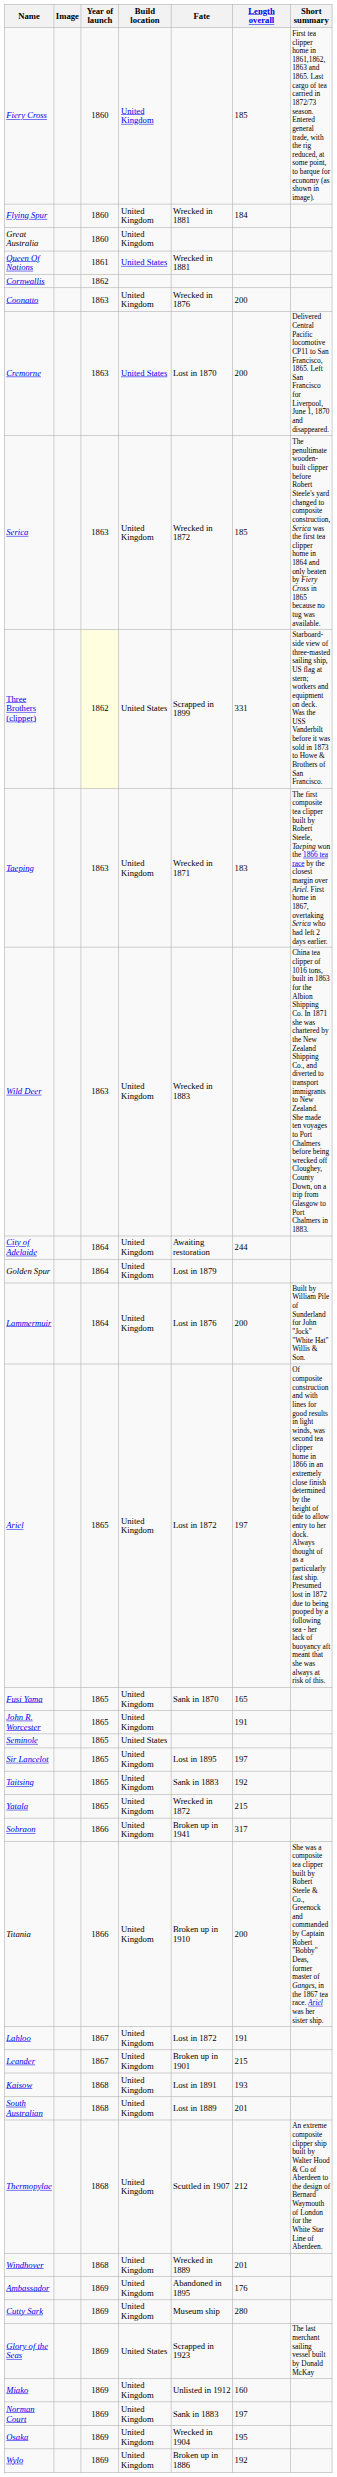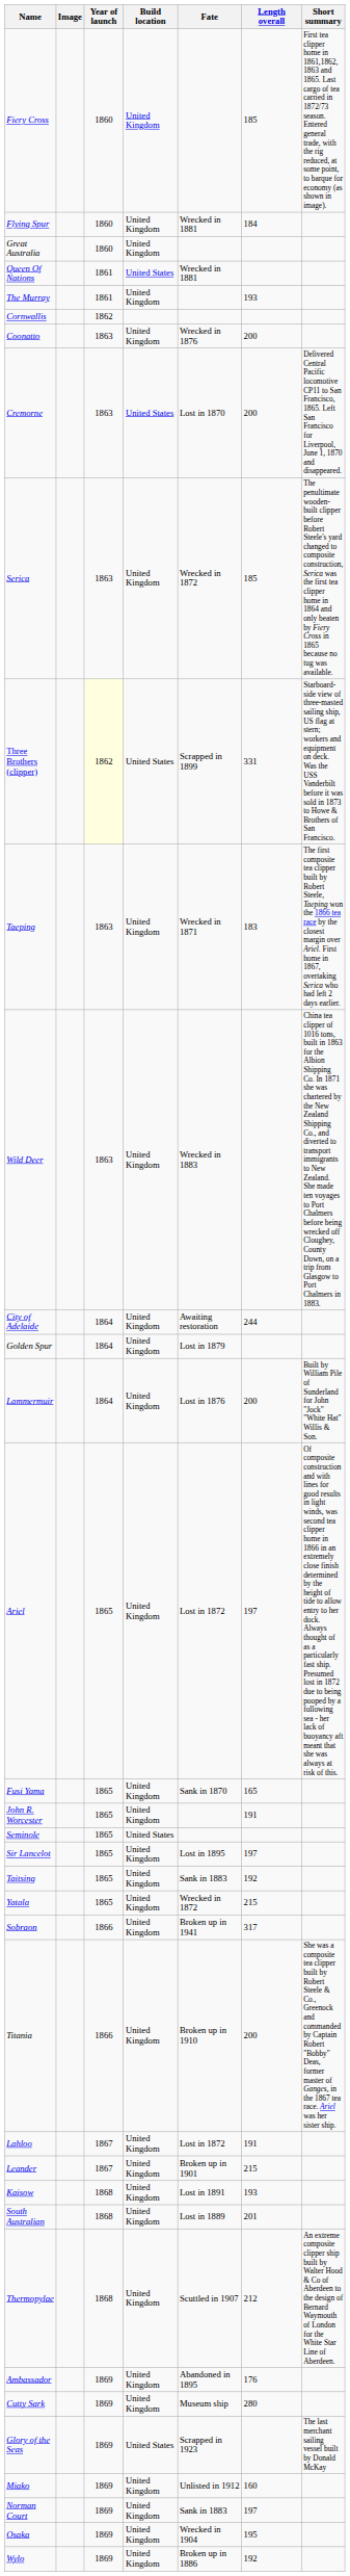 <table class="sortable wikitable">
 <tr>
 <th>Name</th>
 <th class="unsortable">Image</th>
 <th width=70pt>Year of launch</th>
 <th width=100pt>Build location</th>
 <th width=120pt>Fate</th>
 <th width=120pt><a href='#'>Length<br>overall</a> </th>
 <th class="unsortable">Short summary</th>
 </tr>
 <tr>
 <td><a href='#'><em>Fiery Cross</em></a></td>
 <td></td>
 <td align="center">1860</td>
 <td><a href='#'>United Kingdom</a><br></td>
 <td></td>
 <td><span>185</span> </td>
 <td style="font-size: 85%">First tea clipper home in 1861,1862, 1863 and 1865. Last cargo of tea carried in 1872/73 season. Entered general trade, with the rig reduced, at some point, to barque for economy (as shown in image).</td>
 </tr>
 <tr>
 <td><a href='#'><em>Flying Spur</em></a></td>
 <td></td>
 <td align="center">1860</td>
 <td>United Kingdom<br></td>
 <td>Wrecked in 1881</td>
 <td><span>184</span> </td>
 <td style="font-size: 85%"></td>
 </tr>
 <tr>
 <td><em>Great Australia</em></td>
 <td></td>
 <td align="center">1860</td>
 <td>United Kingdom<br></td>
 <td></td>
 <td></td>
 <td style="font-size: 85%"></td>
 </tr>
 <tr>
 <td><a href='#'><em>Queen Of Nations</em></a></td>
 <td></td>
 <td align="center">1861</td>
 <td><a href='#'>United States</a><br></td>
 <td>Wrecked in 1881</td>
 <td></td>
+<td style="font-size: 85%"></td>
+</tr>
+<tr>
+<td><a href='#'><em>The Murray</em></a></td>
+<td></td>
+<td align="center">1861</td>
+<td>United Kingdom<br></td>
+<td></td>
+<td><span>193</span> </td>
 <td style="font-size: 85%"></td>
 </tr>
 <tr>
 <td><a href='#'><em>Cornwallis</em></a></td>
 <td></td>
 <td align="center">1862</td>
 <td></td>
 <td></td>
 <td></td>
 <td style="font-size: 85%"></td>
 </tr>
 <tr>
 <td><a href='#'><em>Coonatto</em></a></td>
 <td></td>
 <td align="center">1863</td>
 <td>United Kingdom<br></td>
 <td>Wrecked in 1876</td>
 <td><span>200</span> </td>
 <td style="font-size: 85%"></td>
 </tr>
 <tr>
 <td><a href='#'><em>Cremorne</em></a></td>
 <td></td>
 <td align="center">1863</td>
 <td><a href='#'>United States</a><br></td>
 <td>Lost in 1870</td>
 <td><span>200</span> </td>
 <td style="font-size: 85%">Delivered Central Pacific locomotive CP11 to San Francisco, 1865. Left San Francisco for Liverpool, June 1, 1870 and disappeared.</td>
 </tr>
 <tr>
 <td><a href='#'><em>Serica</em></a></td>
 <td></td>
 <td align="center">1863</td>
 <td>United Kingdom<br></td>
 <td>Wrecked in 1872</td>
 <td><span>185</span> </td>
 <td style="font-size: 85%">The penultimate wooden-built clipper before Robert Steele's yard changed to composite construction, <em>Serica</em> was the first tea clipper home in 1864 and only beaten by <em>Fiery Cross</em> in 1865 because no tug was available.</td>
 </tr>
 <tr>
 <td><a href='#'>Three Brothers (clipper)</a></td>
 <td></td>
 <td align="center" style="background: lightyellow;">1862</td>
 <td>United States<br></td>
 <td>Scrapped in 1899</td>
 <td><span>331</span> </td>
 <td style="font-size: 85%">Starboard-side view of three-masted sailing ship, US flag at stern; workers and equipment on deck. Was the USS Vanderbilt before it was sold in 1873 to Howe & Brothers of San Francisco.</td>
 </tr>
 <tr>
 <td><em><a href='#'>Taeping</a></em></td>
 <td></td>
 <td align="center">1863</td>
 <td>United Kingdom<br></td>
 <td>Wrecked in 1871</td>
 <td><span>183</span> </td>
 <td style="font-size: 85%">The first composite tea clipper built by Robert Steele, <em>Taeping</em> won the <a href='#'>1866 tea race</a> by the closest margin over <em>Ariel</em>. First home in 1867, overtaking <em>Serica</em> who had left 2 days earlier.</td>
 </tr>
 <tr>
 <td><a href='#'><em>Wild Deer</em></a></td>
 <td></td>
 <td align="center">1863</td>
 <td>United Kingdom<br></td>
 <td>Wrecked in 1883</td>
 <td></td>
 <td style="font-size: 85%">China tea clipper of 1016 tons, built in 1863 for the Albion Shipping Co. In 1871 she was chartered by the New Zealand Shipping Co., and diverted to transport immigrants to New Zealand. She made ten voyages to Port Chalmers before being wrecked off Cloughey, County Down, on a trip from Glasgow to Port Chalmers in 1883.</td>
 </tr>
 <tr>
 <td><a href='#'><em>City of Adelaide</em></a></td>
 <td></td>
 <td align="center">1864</td>
 <td>United Kingdom<br></td>
 <td>Awaiting restoration</td>
 <td><span>244</span> </td>
 <td style="font-size: 85%"></td>
 </tr>
 <tr>
 <td><em>Golden Spur</em></td>
 <td></td>
 <td align="center">1864</td>
 <td>United Kingdom<br></td>
 <td>Lost in 1879</td>
 <td></td>
 <td style="font-size: 85%"></td>
 </tr>
 <tr>
 <td><a href='#'><em>Lammermuir</em></a></td>
 <td></td>
 <td align="center">1864</td>
 <td>United Kingdom<br></td>
 <td>Lost in 1876</td>
 <td><span>200</span> </td>
 <td style="font-size: 85%">Built by William Pile of Sunderland for John "Jock" "White Hat" Willis & Son.</td>
 </tr>
 <tr>
 <td><a href='#'><em>Ariel</em></a></td>
 <td></td>
 <td align="center">1865</td>
 <td>United Kingdom<br></td>
 <td>Lost in 1872</td>
 <td><span>197</span> </td>
 <td style="font-size: 85%">Of composite construction and with lines for good results in light winds, was second tea clipper home in 1866 in an extremely close finish determined by the height of tide to allow entry to her dock. Always thought of as a particularly fast ship. Presumed lost in 1872 due to being pooped by a following sea - her lack of buoyancy aft meant that she was always at risk of this.</td>
 </tr>
 <tr>
 <td><em><a href='#'>Fusi Yama</a></em></td>
 <td></td>
 <td align="center">1865</td>
 <td>United Kingdom<br></td>
 <td>Sank in 1870</td>
 <td><span>165</span> </td>
 <td style="font-size: 85%"></td>
 </tr>
 <tr>
 <td><em><a href='#'>John R. Worcester</a></em></td>
 <td></td>
 <td align="center">1865</td>
 <td>United Kingdom<br></td>
 <td></td>
 <td><span>191</span> </td>
 <td style="font-size: 85%"></td>
 </tr>
 <tr>
 <td><a href='#'><em>Seminole</em></a></td>
 <td></td>
 <td align="center">1865</td>
 <td>United States<br></td>
 <td></td>
 <td></td>
 <td style="font-size: 85%"></td>
 </tr>
 <tr>
 <td><a href='#'><em>Sir Lancelot</em></a></td>
 <td></td>
 <td align="center">1865</td>
 <td>United Kingdom<br></td>
 <td>Lost in 1895</td>
 <td><span>197</span> </td>
 <td style="font-size: 85%"></td>
 </tr>
 <tr>
 <td><a href='#'><em>Taitsing</em></a></td>
 <td></td>
 <td align="center">1865</td>
 <td>United Kingdom<br></td>
 <td>Sank in 1883</td>
 <td><span>192</span> </td>
 <td style="font-size: 85%"></td>
 </tr>
 <tr>
 <td><a href='#'><em>Yatala</em></a></td>
 <td></td>
 <td align="center">1865</td>
 <td>United Kingdom<br></td>
 <td>Wrecked in 1872</td>
 <td><span>215</span> </td>
 <td style="font-size: 85%"></td>
 </tr>
 <tr>
 <td><a href='#'><em>Sobraon</em></a></td>
 <td></td>
 <td align="center">1866</td>
 <td>United Kingdom<br></td>
 <td>Broken up in 1941</td>
 <td><span>317</span> </td>
 <td style="font-size: 85%"></td>
 </tr>
 <tr>
 <td><em>Titania</em></td>
 <td></td>
 <td align="center">1866</td>
 <td>United Kingdom<br></td>
 <td>Broken up in 1910</td>
 <td><span>200</span> </td>
 <td style="font-size: 85%">She was a composite tea clipper built by Robert Steele & Co., Greenock and commanded by Captain Robert "Bobby" Deas, former master of <em>Ganges</em>, in the 1867 tea race. <a href='#'><em>Ariel</em></a> was her sister ship.</td>
 </tr>
 <tr>
 <td><a href='#'><em>Lahloo</em></a></td>
 <td></td>
 <td align="center">1867</td>
 <td>United Kingdom<br></td>
 <td>Lost in 1872</td>
 <td><span>191</span> </td>
 <td style="font-size: 85%"></td>
 </tr>
 <tr>
 <td><a href='#'><em>Leander</em></a></td>
 <td></td>
 <td align="center">1867</td>
 <td>United Kingdom<br></td>
 <td>Broken up in 1901</td>
 <td><span>215</span> </td>
 <td style="font-size: 85%"></td>
 </tr>
 <tr>
 <td><a href='#'><em>Kaisow</em></a></td>
 <td></td>
 <td align="center">1868</td>
 <td>United Kingdom<br></td>
 <td>Lost in 1891</td>
 <td><span>193</span> </td>
 <td style="font-size: 85%"></td>
 </tr>
 <tr>
 <td><a href='#'><em>South Australian</em></a></td>
 <td></td>
 <td align="center">1868</td>
 <td>United Kingdom<br></td>
 <td>Lost in 1889</td>
 <td><span>201</span> </td>
 <td style="font-size: 85%"></td>
 </tr>
 <tr>
 <td><a href='#'><em>Thermopylae</em></a></td>
 <td></td>
 <td align="center">1868</td>
 <td>United Kingdom<br></td>
 <td>Scuttled in 1907</td>
 <td><span>212</span> </td>
 <td style="font-size: 85%">An extreme composite clipper ship built by Walter Hood & Co of Aberdeen to the design of Bernard Waymouth of London for the White Star Line of Aberdeen.</td>
 </tr>
 <tr>
-<td><a href='#'><em>Windhover</em></a></td>
-<td></td>
-<td align="center">1868</td>
-<td>United Kingdom<br></td>
-<td>Wrecked in 1889</td>
-<td><span>201</span> </td>
-<td style="font-size: 85%"></td>
-</tr>
-<tr>
 <td><a href='#'><em>Ambassador</em></a></td>
 <td></td>
 <td align="center">1869</td>
 <td>United Kingdom<br></td>
 <td>Abandoned in 1895</td>
 <td><span>176</span> </td>
 <td style="font-size: 85%"></td>
 </tr>
 <tr>
 <td><em><a href='#'>Cutty Sark</a></em></td>
 <td></td>
 <td align="center">1869</td>
 <td>United Kingdom<br></td>
 <td>Museum ship<br></td>
 <td><span>280</span> </td>
 <td style="font-size: 85%"></td>
 </tr>
 <tr>
 <td><a href='#'><em>Glory of the Seas</em></a></td>
 <td></td>
 <td align="center">1869</td>
 <td>United States<br></td>
 <td>Scrapped in 1923</td>
 <td></td>
 <td style="font-size: 85%">The last merchant sailing vessel built by Donald McKay</td>
 </tr>
 <tr>
 <td><a href='#'><em>Miako</em></a></td>
 <td></td>
 <td align="center">1869</td>
 <td>United Kingdom<br></td>
 <td>Unlisted in 1912</td>
 <td><span>160</span> </td>
 <td style="font-size: 85%"></td>
 </tr>
 <tr>
 <td><a href='#'><em>Norman Court</em></a></td>
 <td></td>
 <td align="center">1869</td>
 <td>United Kingdom<br></td>
 <td>Sank in 1883</td>
 <td><span>197</span> </td>
 <td style="font-size: 85%"></td>
 </tr>
 <tr>
 <td><a href='#'><em>Osaka</em></a></td>
 <td></td>
 <td align="center">1869</td>
 <td>United Kingdom<br></td>
 <td>Wrecked in 1904</td>
 <td><span>195</span> </td>
 <td style="font-size: 85%"></td>
 </tr>
 <tr>
 <td><a href='#'><em>Wylo</em></a></td>
 <td></td>
 <td align="center">1869</td>
 <td>United Kingdom<br></td>
 <td>Broken up in 1886</td>
 <td><span>192</span> </td>
 <td style="font-size: 85%"></td>
 </tr>
 </table>
